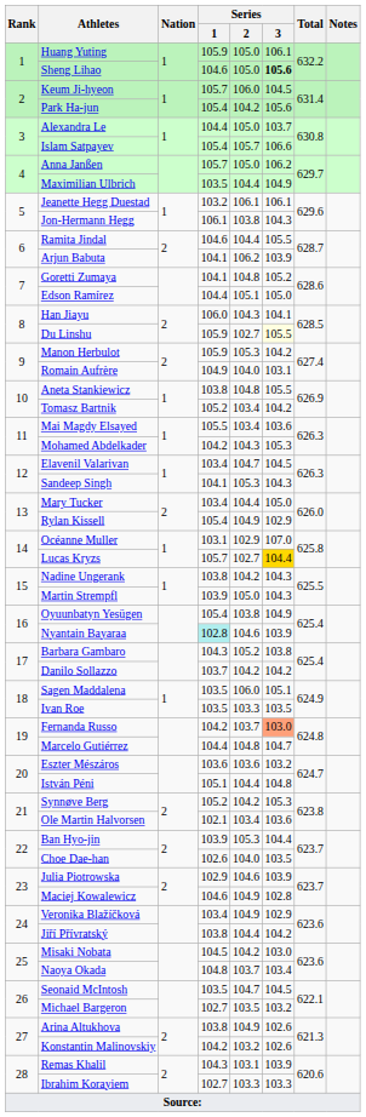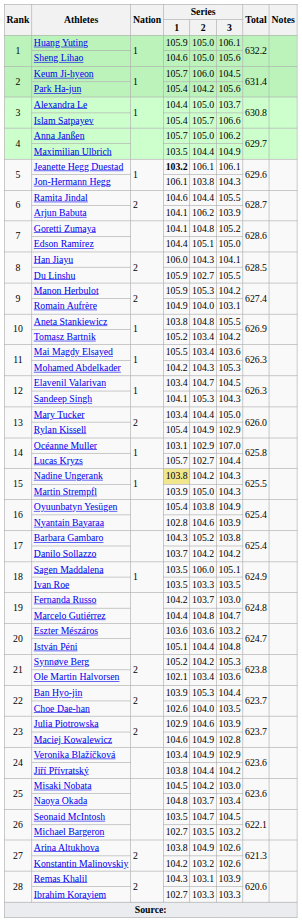 <table class="wikitable sortable" style="text-align:center">
 <tr>
 <th rowspan="2">Rank</th>
 <th rowspan="2">Athletes</th>
 <th rowspan="2">Nation</th>
 <th colspan=3>Series</th>
 <th rowspan="2">Total</th>
 <th rowspan="2">Notes</th>
 </tr>
 <tr>
 <th>1</th>
 <th>2</th>
 <th>3</th>
 </tr>
 <tr bgcolor=bbf3bb>
 <td rowspan=2>1</td>
 <td align=left><a href='#'>Huang Yuting</a></td>
 <td rowspan=2 align=left> 1</td>
 <td>105.9</td>
 <td>105.0</td>
 <td>106.1</td>
 <td rowspan=2>632.2</td>
 <td rowspan="2"></td>
 </tr>
 <tr bgcolor=bbf3bb>
 <td align=left><a href='#'>Sheng Lihao</a></td>
 <td>104.6</td>
 <td>105.0</td>
-<td><strong>105.6</strong></td>
+<td>105.6</td>
 </tr>
 <tr bgcolor=bbf3bb>
 <td rowspan=2>2</td>
 <td align=left><a href='#'>Keum Ji-hyeon</a></td>
 <td rowspan=2 align=left> 1</td>
 <td>105.7</td>
 <td>106.0</td>
 <td>104.5</td>
 <td rowspan=2>631.4</td>
 <td rowspan="2"></td>
 </tr>
 <tr bgcolor=bbf3bb>
 <td align=left><a href='#'>Park Ha-jun</a></td>
 <td>105.4</td>
 <td>104.2</td>
 <td>105.6</td>
 </tr>
 <tr bgcolor=ccffcc>
 <td rowspan=2>3</td>
 <td align=left><a href='#'>Alexandra Le</a></td>
 <td rowspan=2 align=left> 1</td>
 <td>104.4</td>
 <td>105.0</td>
 <td>103.7</td>
 <td rowspan=2>630.8</td>
 <td rowspan="2"></td>
 </tr>
 <tr bgcolor=ccffcc>
 <td align=left><a href='#'>Islam Satpayev</a></td>
 <td>105.4</td>
 <td>105.7</td>
 <td>106.6</td>
 </tr>
 <tr bgcolor=ccffcc>
 <td rowspan=2>4</td>
 <td align=left><a href='#'>Anna Janßen</a></td>
 <td rowspan=2 align=left></td>
 <td>105.7</td>
 <td>105.0</td>
 <td>106.2</td>
 <td rowspan=2>629.7</td>
 <td rowspan="2"></td>
 </tr>
 <tr bgcolor=ccffcc>
 <td align=left><a href='#'>Maximilian Ulbrich</a></td>
 <td>103.5</td>
 <td>104.4</td>
 <td>104.9</td>
 </tr>
 <tr>
 <td rowspan=2>5</td>
 <td align=left><a href='#'>Jeanette Hegg Duestad</a></td>
 <td rowspan=2 align=left> 1</td>
-<td>103.2</td>
+<td><strong>103.2</strong></td>
 <td>106.1</td>
 <td>106.1</td>
 <td rowspan=2>629.6</td>
 <td rowspan="2"></td>
 </tr>
 <tr>
 <td align=left><a href='#'>Jon-Hermann Hegg</a></td>
 <td>106.1</td>
 <td>103.8</td>
 <td>104.3</td>
 </tr>
 <tr>
 <td rowspan=2>6</td>
 <td align=left><a href='#'>Ramita Jindal</a></td>
 <td rowspan=2 align=left> 2</td>
 <td>104.6</td>
 <td>104.4</td>
 <td>105.5</td>
 <td rowspan=2>628.7</td>
 <td rowspan="2"></td>
 </tr>
 <tr>
 <td align=left><a href='#'>Arjun Babuta</a></td>
 <td>104.1</td>
 <td>106.2</td>
 <td>103.9</td>
 </tr>
 <tr>
 <td rowspan=2>7</td>
 <td align=left><a href='#'>Goretti Zumaya</a></td>
 <td rowspan=2 align=left></td>
 <td>104.1</td>
 <td>104.8</td>
 <td>105.2</td>
 <td rowspan=2>628.6</td>
 <td rowspan="2"></td>
 </tr>
 <tr>
 <td align=left><a href='#'>Edson Ramírez</a></td>
 <td>104.4</td>
 <td>105.1</td>
 <td>105.0</td>
 </tr>
 <tr>
 <td rowspan=2>8</td>
 <td align=left><a href='#'>Han Jiayu</a></td>
 <td rowspan=2 align=left> 2</td>
 <td>106.0</td>
 <td>104.3</td>
 <td>104.1</td>
 <td rowspan=2>628.5</td>
 <td rowspan="2"></td>
 </tr>
 <tr>
 <td align=left><a href='#'>Du Linshu</a></td>
 <td>105.9</td>
 <td>102.7</td>
-<td style="background: lightyellow;">105.5</td>
+<td>105.5</td>
 </tr>
 <tr>
 <td rowspan=2>9</td>
 <td align=left><a href='#'>Manon Herbulot</a></td>
 <td rowspan=2 align=left> 2</td>
 <td>105.9</td>
 <td>105.3</td>
 <td>104.2</td>
 <td rowspan=2>627.4</td>
 <td rowspan="2"></td>
 </tr>
 <tr>
 <td align=left><a href='#'>Romain Aufrère</a></td>
 <td>104.9</td>
 <td>104.0</td>
 <td>103.1</td>
 </tr>
 <tr>
 <td rowspan=2>10</td>
 <td align=left><a href='#'>Aneta Stankiewicz</a></td>
 <td rowspan=2 align=left> 1</td>
 <td>103.8</td>
 <td>104.8</td>
 <td>105.5</td>
 <td rowspan=2>626.9</td>
 <td rowspan="2"></td>
 </tr>
 <tr>
 <td align=left><a href='#'>Tomasz Bartnik</a></td>
 <td>105.2</td>
 <td>103.4</td>
 <td>104.2</td>
 </tr>
 <tr>
 <td rowspan=2>11</td>
 <td align=left><a href='#'>Mai Magdy Elsayed</a></td>
 <td rowspan=2 align=left> 1</td>
 <td>105.5</td>
 <td>103.4</td>
 <td>103.6</td>
 <td rowspan=2>626.3</td>
 <td rowspan="2"></td>
 </tr>
 <tr>
 <td align=left><a href='#'>Mohamed Abdelkader</a></td>
 <td>104.2</td>
 <td>104.3</td>
 <td>105.3</td>
 </tr>
 <tr>
 <td rowspan=2>12</td>
 <td align=left><a href='#'>Elavenil Valarivan</a></td>
 <td rowspan=2 align=left> 1</td>
 <td>103.4</td>
 <td>104.7</td>
 <td>104.5</td>
 <td rowspan=2>626.3</td>
 <td rowspan="2"></td>
 </tr>
 <tr>
 <td align=left><a href='#'>Sandeep Singh</a></td>
 <td>104.1</td>
 <td>105.3</td>
 <td>104.3</td>
 </tr>
 <tr>
 <td rowspan=2>13</td>
 <td align=left><a href='#'>Mary Tucker</a></td>
 <td rowspan="2" align="left"> 2</td>
 <td>103.4</td>
 <td>104.4</td>
 <td>105.0</td>
 <td rowspan=2>626.0</td>
 <td rowspan="2"></td>
 </tr>
 <tr>
 <td align=left><a href='#'>Rylan Kissell</a></td>
 <td>105.4</td>
 <td>104.9</td>
 <td>102.9</td>
 </tr>
 <tr>
 <td rowspan=2>14</td>
 <td align=left><a href='#'>Océanne Muller</a></td>
 <td rowspan=2 align=left> 1</td>
 <td>103.1</td>
 <td>102.9</td>
 <td>107.0</td>
 <td rowspan=2>625.8</td>
 <td rowspan="2"></td>
 </tr>
 <tr>
 <td align=left><a href='#'>Lucas Kryzs</a></td>
 <td>105.7</td>
 <td>102.7</td>
-<td style="background: gold;">104.4</td>
+<td>104.4</td>
 </tr>
 <tr>
 <td rowspan=2>15</td>
 <td align=left><a href='#'>Nadine Ungerank</a></td>
 <td rowspan=2 align=left> 1</td>
-<td>103.8</td>
+<td style="background: khaki;">103.8</td>
 <td>104.2</td>
 <td>104.3</td>
 <td rowspan=2>625.5</td>
 <td rowspan="2"></td>
 </tr>
 <tr>
 <td align=left><a href='#'>Martin Strempfl</a></td>
 <td>103.9</td>
 <td>105.0</td>
 <td>104.3</td>
 </tr>
 <tr>
 <td rowspan=2>16</td>
 <td align=left><a href='#'>Oyuunbatyn Yesügen</a></td>
 <td rowspan=2 align=left></td>
 <td>105.4</td>
 <td>103.8</td>
 <td>104.9</td>
 <td rowspan=2>625.4</td>
 <td rowspan="2"></td>
 </tr>
 <tr>
 <td align=left><a href='#'>Nyantain Bayaraa</a></td>
-<td style="background: paleturquoise;">102.8</td>
+<td>102.8</td>
 <td>104.6</td>
 <td>103.9</td>
 </tr>
 <tr>
 <td rowspan=2>17</td>
 <td align=left><a href='#'>Barbara Gambaro</a></td>
 <td rowspan=2 align=left></td>
 <td>104.3</td>
 <td>105.2</td>
 <td>103.8</td>
 <td rowspan=2>625.4</td>
 <td rowspan="2"></td>
 </tr>
 <tr>
 <td align=left><a href='#'>Danilo Sollazzo</a></td>
 <td>103.7</td>
 <td>104.2</td>
 <td>104.2</td>
 </tr>
 <tr>
 <td rowspan=2>18</td>
 <td align=left><a href='#'>Sagen Maddalena</a></td>
 <td rowspan=2 align=left> 1</td>
 <td>103.5</td>
 <td>106.0</td>
 <td>105.1</td>
 <td rowspan=2>624.9</td>
 <td rowspan="2"></td>
 </tr>
 <tr>
 <td align=left><a href='#'>Ivan Roe</a></td>
 <td>103.5</td>
 <td>103.3</td>
 <td>103.5</td>
 </tr>
 <tr>
 <td rowspan=2>19</td>
 <td align=left><a href='#'>Fernanda Russo</a></td>
 <td rowspan=2 align=left></td>
 <td>104.2</td>
 <td>103.7</td>
-<td style="background: lightsalmon;">103.0</td>
+<td>103.0</td>
 <td rowspan=2>624.8</td>
 <td rowspan="2"></td>
 </tr>
 <tr>
 <td align=left><a href='#'>Marcelo Gutiérrez</a></td>
 <td>104.4</td>
 <td>104.8</td>
 <td>104.7</td>
 </tr>
 <tr>
 <td rowspan=2>20</td>
 <td align=left><a href='#'>Eszter Mészáros</a></td>
 <td rowspan=2 align=left></td>
 <td>103.6</td>
 <td>103.6</td>
 <td>103.2</td>
 <td rowspan=2>624.7</td>
 <td rowspan="2"></td>
 </tr>
 <tr>
 <td align=left><a href='#'>István Péni</a></td>
 <td>105.1</td>
 <td>104.4</td>
 <td>104.8</td>
 </tr>
 <tr>
 <td rowspan=2>21</td>
 <td align=left><a href='#'>Synnøve Berg</a></td>
 <td rowspan=2 align=left> 2</td>
 <td>105.2</td>
 <td>104.2</td>
 <td>105.3</td>
 <td rowspan=2>623.8</td>
 <td rowspan="2"></td>
 </tr>
 <tr>
 <td align=left><a href='#'>Ole Martin Halvorsen</a></td>
 <td>102.1</td>
 <td>103.4</td>
 <td>103.6</td>
 </tr>
 <tr>
 <td rowspan=2>22</td>
 <td align=left><a href='#'>Ban Hyo-jin</a></td>
 <td rowspan=2 align=left> 2</td>
 <td>103.9</td>
 <td>105.3</td>
 <td>104.4</td>
 <td rowspan=2>623.7</td>
 <td rowspan="2"></td>
 </tr>
 <tr>
 <td align=left><a href='#'>Choe Dae-han</a></td>
 <td>102.6</td>
 <td>104.0</td>
 <td>103.5</td>
 </tr>
 <tr>
 <td rowspan=2>23</td>
 <td align=left><a href='#'>Julia Piotrowska</a></td>
 <td rowspan=2 align=left> 2</td>
 <td>102.9</td>
 <td>104.6</td>
 <td>103.9</td>
 <td rowspan=2>623.7</td>
 <td rowspan="2"></td>
 </tr>
 <tr>
 <td align=left><a href='#'>Maciej Kowalewicz</a></td>
 <td>104.6</td>
 <td>104.9</td>
 <td>102.8</td>
 </tr>
 <tr>
 <td rowspan=2>24</td>
 <td align=left><a href='#'>Veronika Blažíčková</a></td>
 <td rowspan=2 align=left></td>
 <td>103.4</td>
 <td>104.9</td>
 <td>102.9</td>
 <td rowspan=2>623.6</td>
 <td rowspan="2"></td>
 </tr>
 <tr>
 <td align=left><a href='#'>Jiří Přívratský</a></td>
 <td>103.8</td>
 <td>104.4</td>
 <td>104.2</td>
 </tr>
 <tr>
 <td rowspan=2>25</td>
 <td align=left><a href='#'>Misaki Nobata</a></td>
 <td rowspan=2 align=left></td>
 <td>104.5</td>
 <td>104.2</td>
 <td>103.0</td>
 <td rowspan=2>623.6</td>
 <td rowspan="2"></td>
 </tr>
 <tr>
 <td align=left><a href='#'>Naoya Okada</a></td>
 <td>104.8</td>
 <td>103.7</td>
 <td>103.4</td>
 </tr>
 <tr>
 <td rowspan=2>26</td>
 <td align=left><a href='#'>Seonaid McIntosh</a></td>
 <td rowspan=2 align=left></td>
 <td>103.5</td>
 <td>104.7</td>
 <td>104.5</td>
 <td rowspan=2>622.1</td>
 <td rowspan="2"></td>
 </tr>
 <tr>
 <td align=left><a href='#'>Michael Bargeron</a></td>
 <td>102.7</td>
 <td>103.5</td>
 <td>103.2</td>
 </tr>
 <tr>
 <td rowspan=2>27</td>
 <td align=left><a href='#'>Arina Altukhova</a></td>
 <td rowspan=2 align=left> 2</td>
 <td>103.8</td>
 <td>104.9</td>
 <td>102.6</td>
 <td rowspan=2>621.3</td>
 <td rowspan="2"></td>
 </tr>
 <tr>
 <td align=left><a href='#'>Konstantin Malinovskiy</a></td>
 <td>104.2</td>
 <td>103.2</td>
 <td>102.6</td>
 </tr>
 <tr>
 <td rowspan=2>28</td>
 <td align=left><a href='#'>Remas Khalil</a></td>
 <td rowspan=2 align=left> 2</td>
 <td>104.3</td>
 <td>103.1</td>
 <td>103.9</td>
 <td rowspan=2>620.6</td>
 <td rowspan="2"></td>
 </tr>
 <tr>
 <td align=left><a href='#'>Ibrahim Korayiem</a></td>
 <td>102.7</td>
 <td>103.3</td>
 <td>103.3</td>
 </tr>
 <tr>
 <th colspan="8" style="background-color:#EAECF0;text-align:center"><strong>Source:</strong></th>
 </tr>
 </table>
